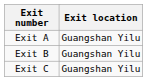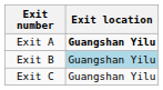 <table class="wikitable">
 <tr>
 <th style="width:70px" colspan="2">Exit number</th>
 <th>Exit location</th>
 </tr>
 <tr>
 <td align="center" colspan="2">Exit A</td>
-<td>Guangshan Yilu</td>
+<td><strong>Guangshan Yilu</strong></td>
 </tr>
 <tr>
 <td align="center" colspan="2">Exit B</td>
-<td>Guangshan Yilu</td>
+<td style="background: lightblue;">Guangshan Yilu</td>
 </tr>
 <tr>
 <td align="center" colspan="2">Exit C</td>
 <td>Guangshan Yilu</td>
 </tr>
 </table>
